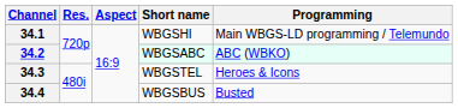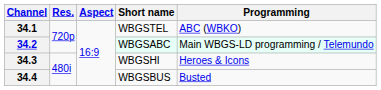 <table class="wikitable">
 <tr>
 <th scope = "col"><a href='#'>Channel</a></th>
 <th scope = "col"><a href='#'>Res.</a></th>
 <th scope = "col"><a href='#'>Aspect</a></th>
 <th scope = "col">Short name</th>
 <th scope = "col">Programming</th>
 </tr>
 <tr>
 <th scope = "row">34.1</th>
 <td rowspan=2><a href='#'>720p</a></td>
 <td rowspan=4><a href='#'>16:9</a></td>
-<td>WBGSHI</td>
-<td>Main WBGS-LD programming / <a href='#'>Telemundo</a></td>
+<td>WBGSTEL</td>
+<td><a href='#'>ABC</a> (<a href='#'>WBKO</a>)</td>
 </tr>
 <tr style="background-color: #E6FFF7;">
 <th scope = "row"><a href='#'>34.2</a></th>
 <td>WBGSABC</td>
-<td><a href='#'>ABC</a> (<a href='#'>WBKO</a>)</td>
+<td>Main WBGS-LD programming / <a href='#'>Telemundo</a></td>
 </tr>
 <tr>
 <th scope = "row">34.3</th>
 <td rowspan=2><a href='#'>480i</a></td>
-<td>WBGSTEL</td>
+<td>WBGSHI</td>
 <td><a href='#'>Heroes & Icons</a></td>
 </tr>
 <tr>
 <th scope = "row">34.4</th>
 <td>WBGSBUS</td>
 <td><a href='#'>Busted</a></td>
 </tr>
 </table>
